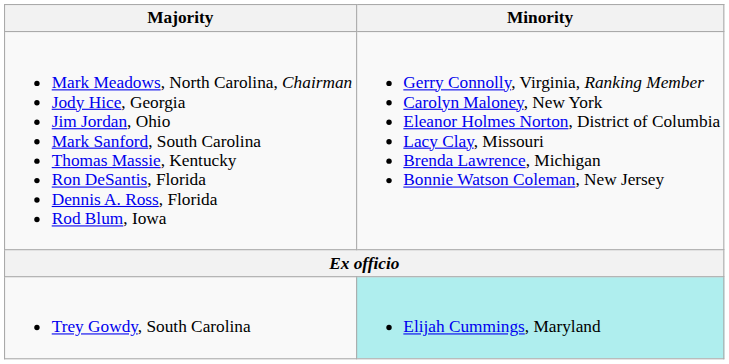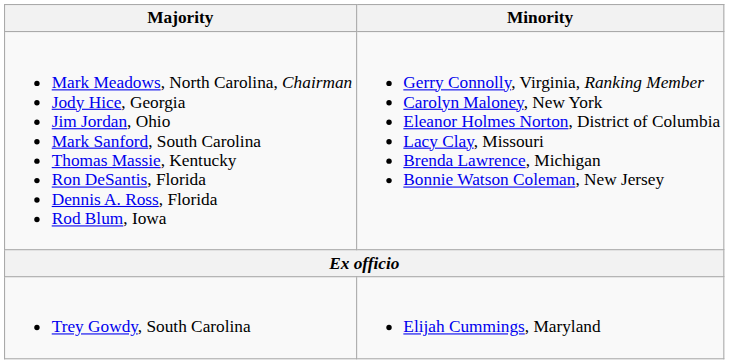 <table class=wikitable>
 <tr>
 <th>Majority</th>
 <th>Minority</th>
 </tr>
 <tr valign=top>
 <td><br><ul><li><a href='#'>Mark Meadows</a>, North Carolina, <em>Chairman</em></li><li><a href='#'>Jody Hice</a>, Georgia</li><li><a href='#'>Jim Jordan</a>, Ohio</li><li><a href='#'>Mark Sanford</a>, South Carolina</li><li><a href='#'>Thomas Massie</a>, Kentucky</li><li><a href='#'>Ron DeSantis</a>, Florida</li><li><a href='#'>Dennis A. Ross</a>, Florida</li><li><a href='#'>Rod Blum</a>, Iowa</li></ul></td>
 <td><br><ul><li><a href='#'>Gerry Connolly</a>, Virginia, <em>Ranking Member</em></li><li><a href='#'>Carolyn Maloney</a>, New York</li><li><a href='#'>Eleanor Holmes Norton</a>, District of Columbia</li><li><a href='#'>Lacy Clay</a>, Missouri</li><li><a href='#'>Brenda Lawrence</a>, Michigan</li><li><a href='#'>Bonnie Watson Coleman</a>, New Jersey</li></ul></td>
 </tr>
 <tr>
 <th colspan=2><em>Ex officio</em></th>
 </tr>
 <tr>
 <td><br><ul><li><a href='#'>Trey Gowdy</a>, South Carolina</li></ul></td>
-<td style="background: paleturquoise;"><br><ul><li><a href='#'>Elijah Cummings</a>, Maryland</li></ul></td>
+<td><br><ul><li><a href='#'>Elijah Cummings</a>, Maryland</li></ul></td>
 </tr>
 </table>
